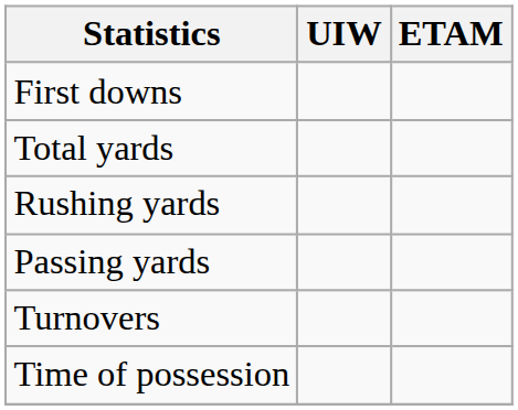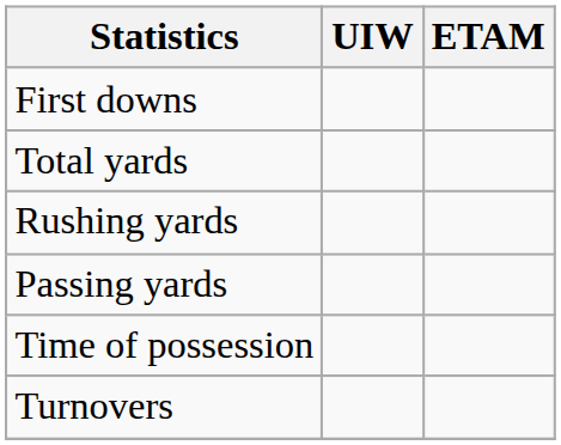 <table class="wikitable" style="float: left;">
 <tr>
 <th>Statistics</th>
 <th>UIW</th>
 <th>ETAM</th>
 </tr>
 <tr>
 <td>First downs</td>
 <td></td>
 <td></td>
 </tr>
 <tr>
 <td>Total yards</td>
 <td></td>
 <td></td>
 </tr>
 <tr>
 <td>Rushing yards</td>
 <td></td>
 <td></td>
 </tr>
 <tr>
 <td>Passing yards</td>
 <td></td>
 <td></td>
 </tr>
 <tr>
-<td>Turnovers</td>
+<td>Time of possession</td>
 <td></td>
 <td></td>
 </tr>
 <tr>
-<td>Time of possession</td>
+<td>Turnovers</td>
 <td></td>
 <td></td>
 </tr>
 <tr>
 </tr>
 </table>
